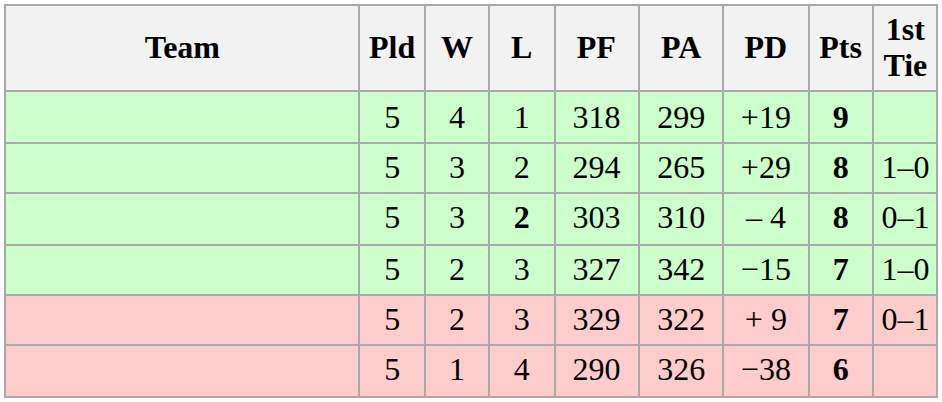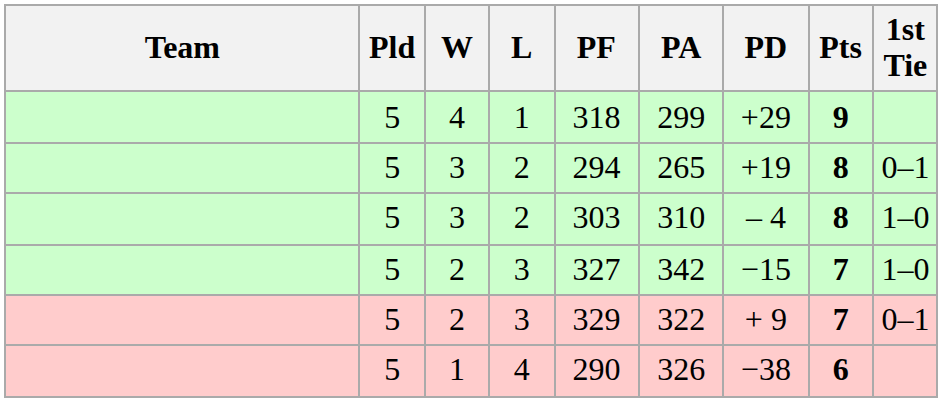 <table class="wikitable" style="text-align:center;">
 <tr>
 <th width=170>Team</th>
 <th width=25>Pld</th>
 <th width=25>W</th>
 <th width=25>L</th>
 <th width=35>PF</th>
 <th width=35>PA</th>
 <th width=35>PD</th>
 <th width=25>Pts</th>
 <th width=25>1st Tie</th>
 </tr>
 <tr style="background: #ccffcc;">
 <td align="left"></td>
 <td>5</td>
 <td>4</td>
 <td>1</td>
 <td>318</td>
 <td>299</td>
-<td>+19</td>
+<td>+29</td>
 <td><strong>9</strong></td>
 <td></td>
 </tr>
 <tr style="background: #ccffcc;">
 <td align="left"></td>
 <td>5</td>
 <td>3</td>
 <td>2</td>
 <td>294</td>
 <td>265</td>
-<td>+29</td>
+<td>+19</td>
 <td><strong>8</strong></td>
-<td>1–0</td>
+<td>0–1</td>
 </tr>
 <tr style="background: #ccffcc;">
 <td align="left"></td>
 <td>5</td>
 <td>3</td>
-<td><strong>2</strong></td>
+<td>2</td>
 <td>303</td>
 <td>310</td>
 <td>– 4</td>
 <td><strong>8</strong></td>
-<td>0–1</td>
+<td>1–0</td>
 </tr>
 <tr style="background: #ccffcc;">
 <td align="left"></td>
 <td>5</td>
 <td>2</td>
 <td>3</td>
 <td>327</td>
 <td>342</td>
 <td>−15</td>
 <td><strong>7</strong></td>
 <td>1–0</td>
 </tr>
 <tr style="background: #ffcccc;">
 <td align="left"></td>
 <td>5</td>
 <td>2</td>
 <td>3</td>
 <td>329</td>
 <td>322</td>
 <td>+ 9</td>
 <td><strong>7</strong></td>
 <td>0–1</td>
 </tr>
 <tr style="background: #ffcccc;">
 <td align="left"></td>
 <td>5</td>
 <td>1</td>
 <td>4</td>
 <td>290</td>
 <td>326</td>
 <td>−38</td>
 <td><strong>6</strong></td>
 <td></td>
 </tr>
 </table>
